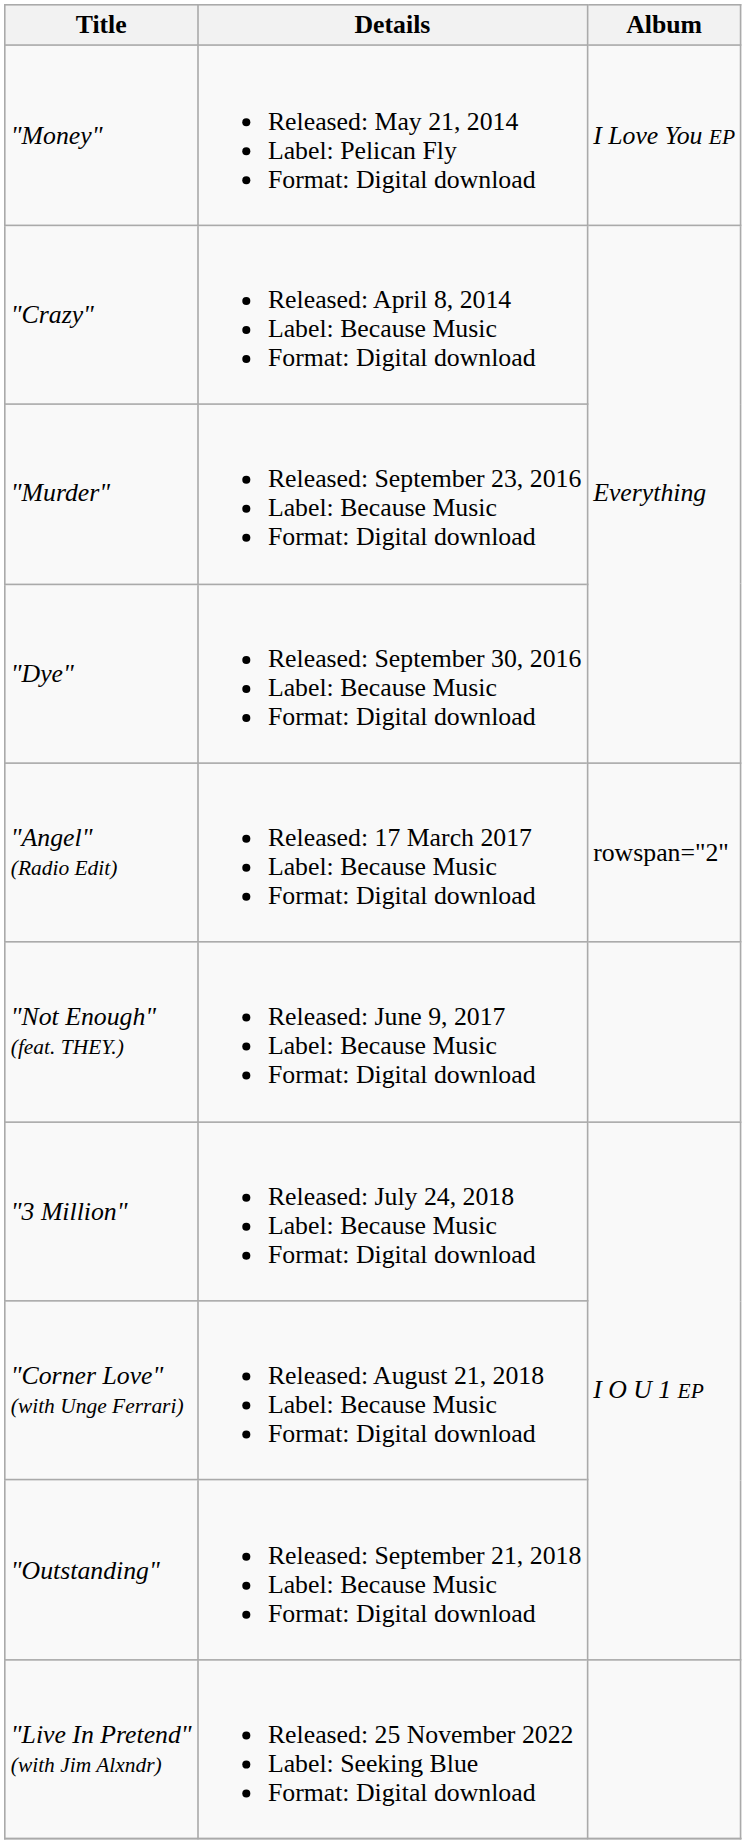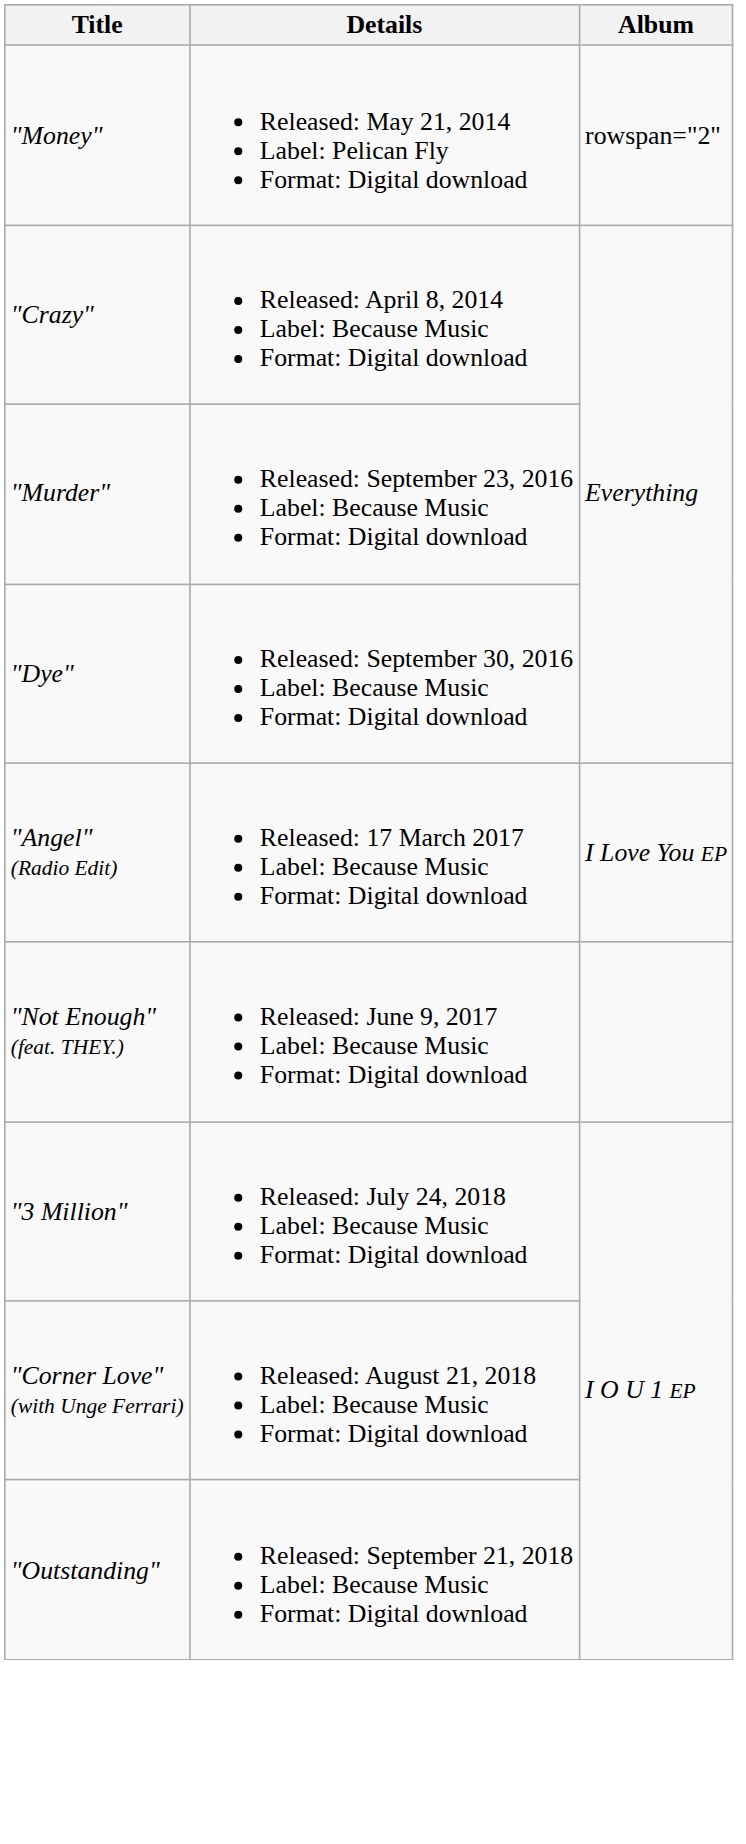 <table class="wikitable">
 <tr>
 <th>Title</th>
 <th>Details</th>
 <th>Album</th>
 </tr>
 <tr>
 <td><em>"Money"</em></td>
 <td><br><ul><li>Released: May 21, 2014</li><li>Label: Pelican Fly</li><li>Format: Digital download</li></ul></td>
-<td><em>I Love You <small>EP</small></em></td>
+<td>rowspan="2" </td>
 </tr>
 <tr>
 <td><em>"Crazy"</em></td>
 <td><br><ul><li>Released: April 8, 2014</li><li>Label: Because Music</li><li>Format: Digital download</li></ul></td>
 <td rowspan="3"><em>Everything</em></td>
 </tr>
 <tr>
 <td><em>"Murder"</em></td>
 <td><br><ul><li>Released: September 23, 2016</li><li>Label: Because Music</li><li>Format: Digital download</li></ul></td>
 </tr>
 <tr>
 <td><em>"Dye"</em></td>
 <td><br><ul><li>Released: September 30, 2016</li><li>Label: Because Music</li><li>Format: Digital download</li></ul></td>
 </tr>
 <tr>
 <td><em>"Angel"</em><br><em><small>(Radio Edit)</small></em></td>
 <td><br><ul><li>Released: 17 March 2017</li><li>Label: Because Music</li><li>Format: Digital download</li></ul></td>
-<td>rowspan="2" </td>
+<td><em>I Love You <small>EP</small></em></td>
 </tr>
 <tr>
 <td><em>"Not Enough"</em><br><em><small>(feat. THEY.)</small></em></td>
 <td><br><ul><li>Released: June 9, 2017</li><li>Label: Because Music</li><li>Format: Digital download</li></ul></td>
 </tr>
 <tr>
 <td><em>"3 Million"</em></td>
 <td><br><ul><li>Released: July 24, 2018</li><li>Label: Because Music</li><li>Format: Digital download</li></ul></td>
 <td rowspan="3"><em>I O U 1 <small>EP</small></em></td>
 </tr>
 <tr>
 <td><em>"Corner Love"</em><br><em><small>(with Unge Ferrari)</small></em></td>
 <td><br><ul><li>Released: August 21, 2018</li><li>Label: Because Music</li><li>Format: Digital download</li></ul></td>
 </tr>
 <tr>
 <td><em>"Outstanding"</em></td>
 <td><br><ul><li>Released: September 21, 2018</li><li>Label: Because Music</li><li>Format: Digital download</li></ul></td>
 </tr>
 <tr>
-<td><em>"Live In Pretend"</em><br><em><small>(with Jim Alxndr)</small></em></td>
-<td><br><ul><li>Released: 25 November 2022</li><li>Label: Seeking Blue</li><li>Format: Digital download</li></ul></td>
-<td></td>
-</tr>
-<tr>
 </tr>
 </table>
